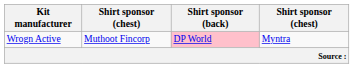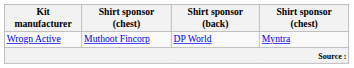 <table class="wikitable"  style="font-size:85%; width:55%;">
 <tr>
 <th>Kit manufacturer</th>
 <th>Shirt sponsor (chest)</th>
 <th>Shirt sponsor (back)</th>
 <th>Shirt sponsor (chest)</th>
 </tr>
 <tr>
 <td><a href='#'>Wrogn Active</a></td>
 <td><a href='#'>Muthoot Fincorp</a></td>
-<td style="background: pink;"><a href='#'>DP World</a></td>
+<td><a href='#'>DP World</a></td>
 <td><a href='#'>Myntra</a></td>
 </tr>
 <tr>
 <th colspan="4" style="text-align:right;"><small> Source :</small></th>
 </tr>
 </table>
